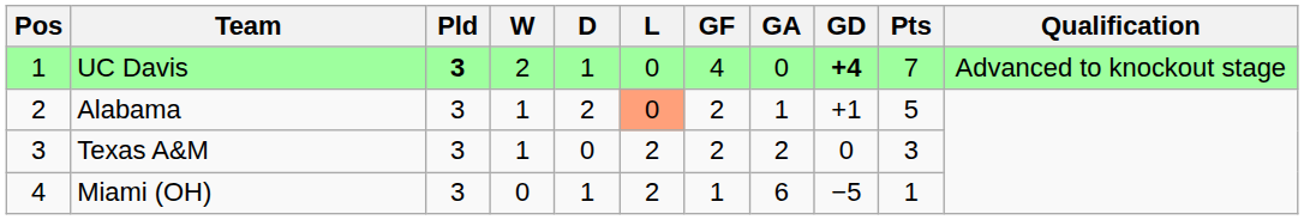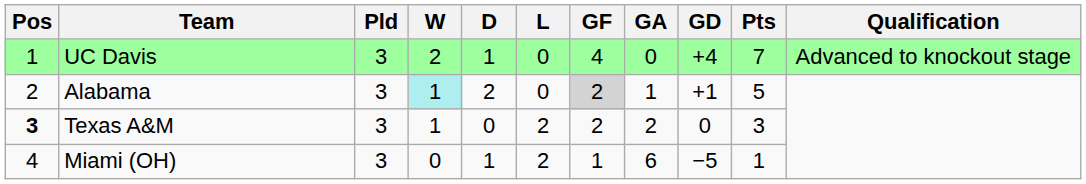 <table class="wikitable" style="text-align:center; margin: 1em auto">
 <tr>
 <th style="width:2em">Pos</th>
 <th style="width:13em">Team</th>
 <th style="width:2em">Pld</th>
 <th style="width:2em">W</th>
 <th style="width:2em">D</th>
 <th style="width:2em">L</th>
 <th style="width:2em">GF</th>
 <th style="width:2em">GA</th>
 <th style="width:2em">GD</th>
 <th style="width:2em">Pts</th>
 <th style="width:13em">Qualification</th>
 </tr>
 <tr bgcolor="#9eff9e">
 <td>1</td>
 <td style="text-align:left">UC Davis</td>
-<td><strong>3</strong></td>
+<td>3</td>
 <td>2</td>
 <td>1</td>
 <td>0</td>
 <td>4</td>
 <td>0</td>
-<td><strong>+4</strong></td>
+<td>+4</td>
 <td>7</td>
 <td>Advanced to knockout stage</td>
 </tr>
 <tr>
 <td>2</td>
 <td style="text-align:left">Alabama</td>
 <td>3</td>
-<td>1</td>
+<td style="background: paleturquoise;">1</td>
 <td>2</td>
-<td style="background: lightsalmon;">0</td>
-<td>2</td>
+<td>0</td>
+<td style="background: lightgrey;">2</td>
 <td>1</td>
 <td>+1</td>
 <td>5</td>
 <td rowspan="3"></td>
 </tr>
 <tr>
-<td>3</td>
+<td><strong>3</strong></td>
 <td style="text-align:left">Texas A&M</td>
 <td>3</td>
 <td>1</td>
 <td>0</td>
 <td>2</td>
 <td>2</td>
 <td>2</td>
 <td>0</td>
 <td>3</td>
 </tr>
 <tr>
 <td>4</td>
 <td style="text-align:left">Miami (OH)</td>
 <td>3</td>
 <td>0</td>
 <td>1</td>
 <td>2</td>
 <td>1</td>
 <td>6</td>
 <td>−5</td>
 <td>1</td>
 </tr>
 </table>
